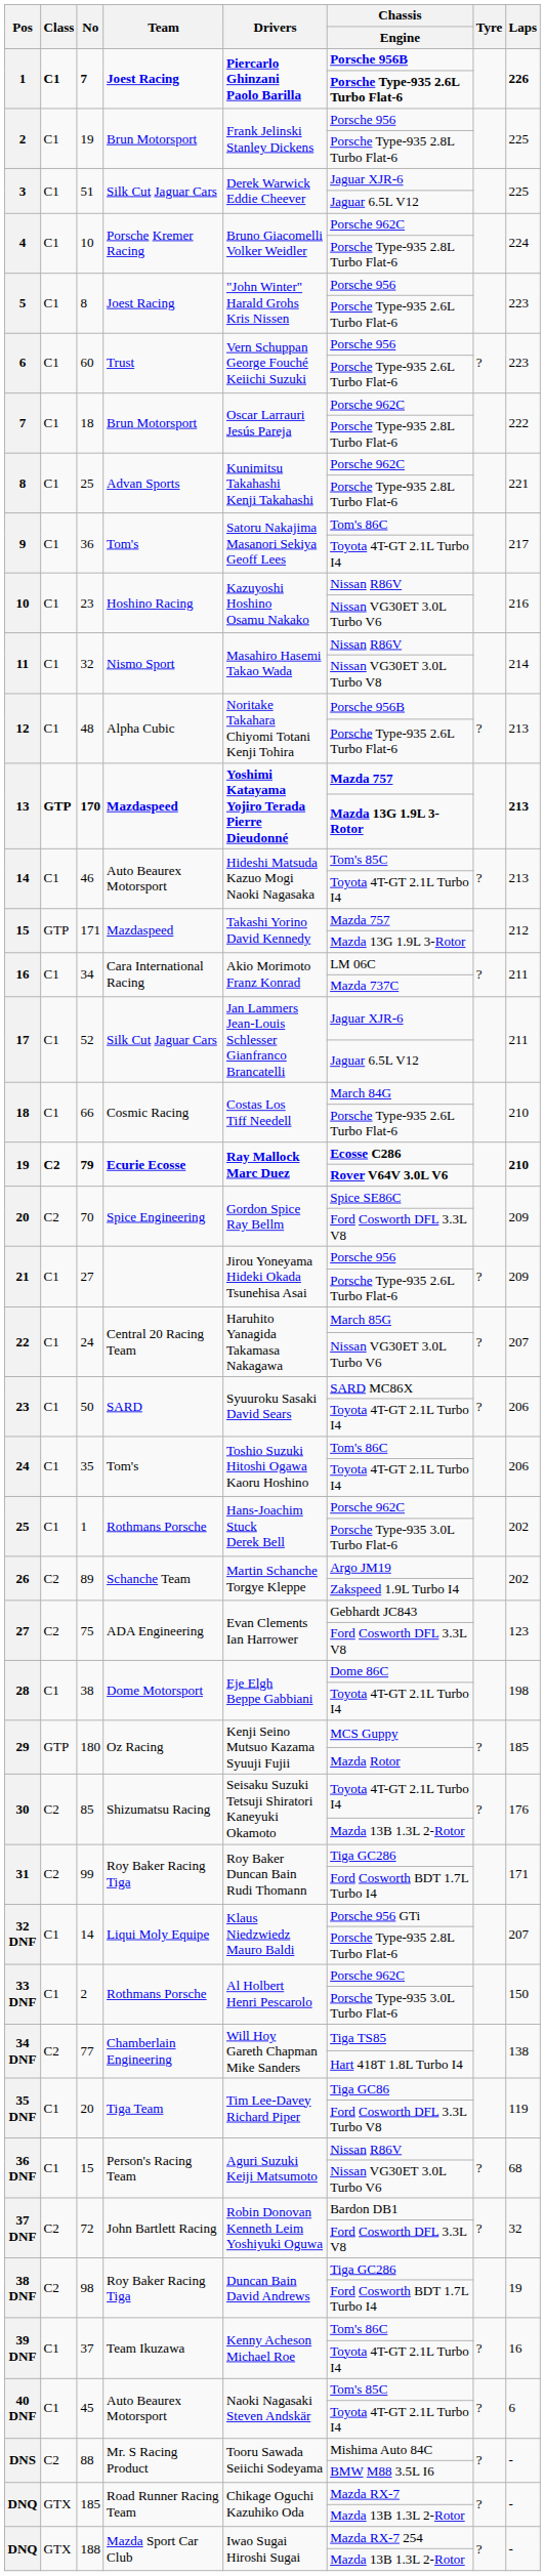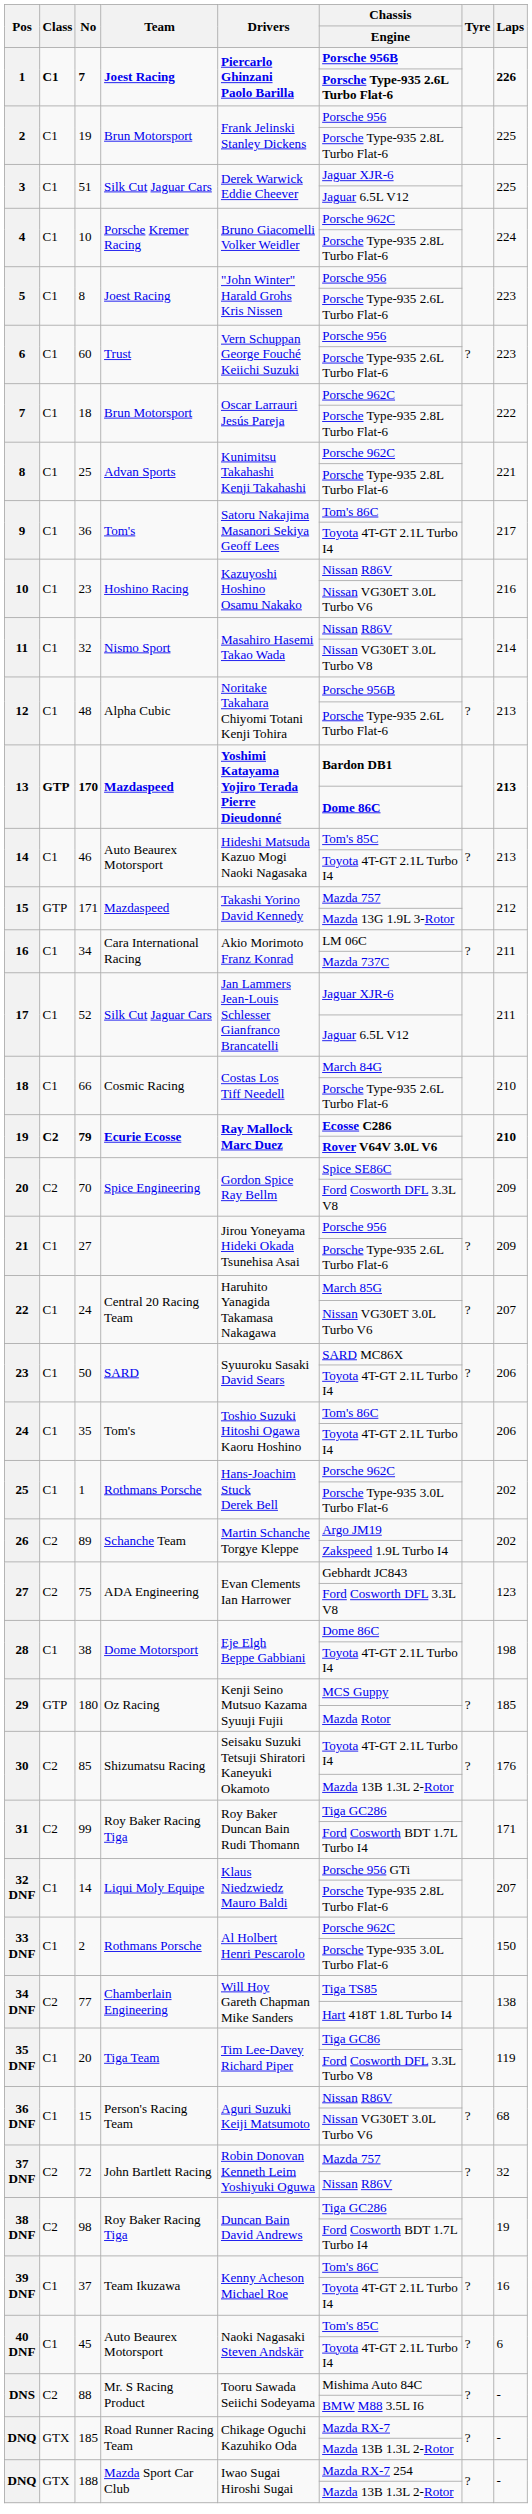 <table class="wikitable" style="font-size: 95%;">
 <tr>
 <th rowspan=2>Pos</th>
 <th rowspan=2>Class</th>
 <th rowspan=2>No</th>
 <th rowspan=2>Team</th>
 <th rowspan=2>Drivers</th>
 <th>Chassis</th>
 <th rowspan=2>Tyre</th>
 <th rowspan=2>Laps</th>
 </tr>
 <tr>
 <th>Engine</th>
 </tr>
 <tr style="font-weight:bold">
 <th rowspan=2>1</th>
 <td rowspan=2>C1</td>
 <td rowspan=2>7</td>
 <td rowspan=2> <a href='#'>Joest Racing</a></td>
 <td rowspan=2> <a href='#'>Piercarlo Ghinzani</a><br> <a href='#'>Paolo Barilla</a></td>
 <td><a href='#'>Porsche 956B</a></td>
 <td rowspan=2></td>
 <td rowspan=2>226</td>
 </tr>
 <tr style="font-weight:bold">
 <td><a href='#'>Porsche</a> Type-935 2.6L Turbo Flat-6</td>
 </tr>
 <tr>
 <th rowspan=2>2</th>
 <td rowspan=2>C1</td>
 <td rowspan=2>19</td>
 <td rowspan=2> <a href='#'>Brun Motorsport</a></td>
 <td rowspan=2> <a href='#'>Frank Jelinski</a><br> <a href='#'>Stanley Dickens</a></td>
 <td><a href='#'>Porsche 956</a></td>
 <td rowspan=2></td>
 <td rowspan=2>225</td>
 </tr>
 <tr>
 <td><a href='#'>Porsche</a> Type-935 2.8L Turbo Flat-6</td>
 </tr>
 <tr>
 <th rowspan=2>3</th>
 <td rowspan=2>C1</td>
 <td rowspan=2>51</td>
 <td rowspan=2> <a href='#'>Silk Cut</a> <a href='#'>Jaguar Cars</a></td>
 <td rowspan=2> <a href='#'>Derek Warwick</a><br> <a href='#'>Eddie Cheever</a></td>
 <td><a href='#'>Jaguar XJR-6</a></td>
 <td rowspan=2></td>
 <td rowspan=2>225</td>
 </tr>
 <tr>
 <td><a href='#'>Jaguar</a> 6.5L V12</td>
 </tr>
 <tr>
 <th rowspan=2>4</th>
 <td rowspan=2>C1</td>
 <td rowspan=2>10</td>
 <td rowspan=2> <a href='#'>Porsche</a> <a href='#'>Kremer Racing</a></td>
 <td rowspan=2> <a href='#'>Bruno Giacomelli</a><br> <a href='#'>Volker Weidler</a></td>
 <td><a href='#'>Porsche 962C</a></td>
 <td rowspan=2></td>
 <td rowspan=2>224</td>
 </tr>
 <tr>
 <td><a href='#'>Porsche</a> Type-935 2.8L Turbo Flat-6</td>
 </tr>
 <tr>
 <th rowspan=2>5</th>
 <td rowspan=2>C1</td>
 <td rowspan=2>8</td>
 <td rowspan=2> <a href='#'>Joest Racing</a></td>
 <td rowspan=2> <a href='#'>"John Winter"</a><br> <a href='#'>Harald Grohs</a><br> <a href='#'>Kris Nissen</a></td>
 <td><a href='#'>Porsche 956</a></td>
 <td rowspan=2></td>
 <td rowspan=2>223</td>
 </tr>
 <tr>
 <td><a href='#'>Porsche</a> Type-935 2.6L Turbo Flat-6</td>
 </tr>
 <tr>
 <th rowspan=2>6</th>
 <td rowspan=2>C1</td>
 <td rowspan=2>60</td>
 <td rowspan=2> <a href='#'>Trust</a> </td>
 <td rowspan=2> <a href='#'>Vern Schuppan</a><br> <a href='#'>George Fouché</a><br> <a href='#'>Keiichi Suzuki</a></td>
 <td><a href='#'>Porsche 956</a></td>
 <td rowspan=2>?</td>
 <td rowspan=2>223</td>
 </tr>
 <tr>
 <td><a href='#'>Porsche</a> Type-935 2.6L Turbo Flat-6</td>
 </tr>
 <tr>
 <th rowspan=2>7</th>
 <td rowspan=2>C1</td>
 <td rowspan=2>18</td>
 <td rowspan=2> <a href='#'>Brun Motorsport</a></td>
 <td rowspan=2> <a href='#'>Oscar Larrauri</a><br> <a href='#'>Jesús Pareja</a></td>
 <td><a href='#'>Porsche 962C</a></td>
 <td rowspan=2></td>
 <td rowspan=2>222</td>
 </tr>
 <tr>
 <td><a href='#'>Porsche</a> Type-935 2.8L Turbo Flat-6</td>
 </tr>
 <tr>
 <th rowspan=2>8</th>
 <td rowspan=2>C1</td>
 <td rowspan=2>25</td>
 <td rowspan=2> <a href='#'>Advan Sports</a> </td>
 <td rowspan=2> <a href='#'>Kunimitsu Takahashi</a><br> <a href='#'>Kenji Takahashi</a></td>
 <td><a href='#'>Porsche 962C</a></td>
 <td rowspan=2></td>
 <td rowspan=2>221</td>
 </tr>
 <tr>
 <td><a href='#'>Porsche</a> Type-935 2.8L Turbo Flat-6</td>
 </tr>
 <tr>
 <th rowspan=2>9</th>
 <td rowspan=2>C1</td>
 <td rowspan=2>36</td>
 <td rowspan=2> <a href='#'>Tom's</a></td>
 <td rowspan=2> <a href='#'>Satoru Nakajima</a><br> <a href='#'>Masanori Sekiya</a><br> <a href='#'>Geoff Lees</a></td>
 <td><a href='#'>Tom's 86C</a></td>
 <td rowspan=2></td>
 <td rowspan=2>217</td>
 </tr>
 <tr>
 <td><a href='#'>Toyota</a> 4T-GT 2.1L Turbo I4</td>
 </tr>
 <tr>
 <th rowspan=2>10</th>
 <td rowspan=2>C1</td>
 <td rowspan=2>23</td>
 <td rowspan=2> <a href='#'>Hoshino Racing</a></td>
 <td rowspan=2> <a href='#'>Kazuyoshi Hoshino</a><br> <a href='#'>Osamu Nakako</a></td>
 <td><a href='#'>Nissan</a> <a href='#'>R86V</a></td>
 <td rowspan=2></td>
 <td rowspan=2>216</td>
 </tr>
 <tr>
 <td><a href='#'>Nissan</a> VG30ET 3.0L Turbo V6</td>
 </tr>
 <tr>
 <th rowspan=2>11</th>
 <td rowspan=2>C1</td>
 <td rowspan=2>32</td>
 <td rowspan=2> <a href='#'>Nismo Sport</a></td>
 <td rowspan=2> <a href='#'>Masahiro Hasemi</a><br> <a href='#'>Takao Wada</a></td>
 <td><a href='#'>Nissan</a> <a href='#'>R86V</a></td>
 <td rowspan=2></td>
 <td rowspan=2>214</td>
 </tr>
 <tr>
 <td><a href='#'>Nissan</a> VG30ET 3.0L Turbo V8</td>
 </tr>
 <tr>
 <th rowspan=2>12</th>
 <td rowspan=2>C1</td>
 <td rowspan=2>48</td>
 <td rowspan=2> Alpha Cubic </td>
 <td rowspan=2> <a href='#'>Noritake Takahara</a><br> Chiyomi Totani<br> Kenji Tohira</td>
 <td><a href='#'>Porsche 956B</a></td>
 <td rowspan=2>?</td>
 <td rowspan=2>213</td>
 </tr>
 <tr>
 <td><a href='#'>Porsche</a> Type-935 2.6L Turbo Flat-6</td>
 </tr>
 <tr style="font-weight:bold">
 <th rowspan=2>13</th>
 <td rowspan=2>GTP</td>
 <td rowspan=2>170</td>
 <td rowspan=2> <a href='#'>Mazdaspeed</a></td>
 <td rowspan=2> <a href='#'>Yoshimi Katayama</a><br> <a href='#'>Yojiro Terada</a><br> <a href='#'>Pierre Dieudonné</a></td>
-<td><a href='#'>Mazda 757</a></td>
+<td>Bardon DB1</td>
 <td rowspan=2></td>
 <td rowspan=2>213</td>
 </tr>
 <tr style="font-weight:bold">
-<td><a href='#'>Mazda</a> 13G 1.9L 3-<a href='#'>Rotor</a></td>
+<td><a href='#'>Dome 86C</a></td>
 </tr>
 <tr>
 <th rowspan=2>14</th>
 <td rowspan=2>C1</td>
 <td rowspan=2>46</td>
 <td rowspan=2> Auto Beaurex Motorsport</td>
 <td rowspan=2> <a href='#'>Hideshi Matsuda</a><br> Kazuo Mogi<br> Naoki Nagasaka</td>
 <td><a href='#'>Tom's 85C</a></td>
 <td rowspan=2>?</td>
 <td rowspan=2>213</td>
 </tr>
 <tr>
 <td><a href='#'>Toyota</a> 4T-GT 2.1L Turbo I4</td>
 </tr>
 <tr>
 <th rowspan=2>15</th>
 <td rowspan=2>GTP</td>
 <td rowspan=2>171</td>
 <td rowspan=2> <a href='#'>Mazdaspeed</a></td>
 <td rowspan=2> <a href='#'>Takashi Yorino</a><br> <a href='#'>David Kennedy</a></td>
 <td><a href='#'>Mazda 757</a></td>
 <td rowspan=2></td>
 <td rowspan=2>212</td>
 </tr>
 <tr>
 <td><a href='#'>Mazda</a> 13G 1.9L 3-<a href='#'>Rotor</a></td>
 </tr>
 <tr>
 <th rowspan=2>16</th>
 <td rowspan=2>C1</td>
 <td rowspan=2>34</td>
 <td rowspan=2> Cara International Racing</td>
 <td rowspan=2> Akio Morimoto<br> <a href='#'>Franz Konrad</a></td>
 <td>LM 06C</td>
 <td rowspan=2>?</td>
 <td rowspan=2>211</td>
 </tr>
 <tr>
 <td><a href='#'>Mazda 737C</a></td>
 </tr>
 <tr>
 <th rowspan=2>17</th>
 <td rowspan=2>C1</td>
 <td rowspan=2>52</td>
 <td rowspan=2> <a href='#'>Silk Cut</a> <a href='#'>Jaguar Cars</a></td>
 <td rowspan=2> <a href='#'>Jan Lammers</a><br> <a href='#'>Jean-Louis Schlesser</a><br> <a href='#'>Gianfranco Brancatelli</a></td>
 <td><a href='#'>Jaguar XJR-6</a></td>
 <td rowspan=2></td>
 <td rowspan=2>211</td>
 </tr>
 <tr>
 <td><a href='#'>Jaguar</a> 6.5L V12</td>
 </tr>
 <tr>
 <th rowspan=2>18</th>
 <td rowspan=2>C1</td>
 <td rowspan=2>66</td>
 <td rowspan=2> Cosmic Racing</td>
 <td rowspan=2> <a href='#'>Costas Los</a><br> <a href='#'>Tiff Needell</a></td>
 <td><a href='#'>March 84G</a></td>
 <td rowspan=2></td>
 <td rowspan=2>210</td>
 </tr>
 <tr>
 <td><a href='#'>Porsche</a> Type-935 2.6L Turbo Flat-6</td>
 </tr>
 <tr style="font-weight:bold">
 <th rowspan=2>19</th>
 <td rowspan=2>C2</td>
 <td rowspan=2>79</td>
 <td rowspan=2> <a href='#'>Ecurie Ecosse</a></td>
 <td rowspan=2> <a href='#'>Ray Mallock</a><br> <a href='#'>Marc Duez</a></td>
 <td><a href='#'>Ecosse</a> C286</td>
 <td rowspan=2></td>
 <td rowspan=2>210</td>
 </tr>
 <tr style="font-weight:bold">
 <td><a href='#'>Rover</a> V64V 3.0L V6</td>
 </tr>
 <tr>
 <th rowspan=2>20</th>
 <td rowspan=2>C2</td>
 <td rowspan=2>70</td>
 <td rowspan=2> <a href='#'>Spice Engineering</a></td>
 <td rowspan=2> <a href='#'>Gordon Spice</a><br> <a href='#'>Ray Bellm</a></td>
 <td><a href='#'>Spice SE86C</a></td>
 <td rowspan=2></td>
 <td rowspan=2>209</td>
 </tr>
 <tr>
 <td><a href='#'>Ford</a> <a href='#'>Cosworth DFL</a> 3.3L V8</td>
 </tr>
 <tr>
 <th rowspan=2>21</th>
 <td rowspan=2>C1</td>
 <td rowspan=2>27</td>
 <td rowspan=2>  </td>
 <td rowspan=2> Jirou Yoneyama<br> <a href='#'>Hideki Okada</a><br> Tsunehisa Asai</td>
 <td><a href='#'>Porsche 956</a></td>
 <td rowspan=2>?</td>
 <td rowspan=2>209</td>
 </tr>
 <tr>
 <td><a href='#'>Porsche</a> Type-935 2.6L Turbo Flat-6</td>
 </tr>
 <tr>
 <th rowspan=2>22</th>
 <td rowspan=2>C1</td>
 <td rowspan=2>24</td>
 <td rowspan=2> Central 20 Racing Team</td>
 <td rowspan=2> Haruhito Yanagida<br> Takamasa Nakagawa</td>
 <td><a href='#'>March 85G</a></td>
 <td rowspan=2>?</td>
 <td rowspan=2>207</td>
 </tr>
 <tr>
 <td><a href='#'>Nissan</a> VG30ET 3.0L Turbo V6</td>
 </tr>
 <tr>
 <th rowspan=2>23</th>
 <td rowspan=2>C1</td>
 <td rowspan=2>50</td>
 <td rowspan=2> <a href='#'>SARD</a></td>
 <td rowspan=2> Syuuroku Sasaki<br> <a href='#'>David Sears</a></td>
 <td><a href='#'>SARD</a> MC86X</td>
 <td rowspan=2>?</td>
 <td rowspan=2>206</td>
 </tr>
 <tr>
 <td><a href='#'>Toyota</a> 4T-GT 2.1L Turbo I4</td>
 </tr>
 <tr>
 <th rowspan=2>24</th>
 <td rowspan=2>C1</td>
 <td rowspan=2>35</td>
 <td rowspan=2> Tom's</td>
 <td rowspan=2> <a href='#'>Toshio Suzuki</a><br> <a href='#'>Hitoshi Ogawa</a><br> Kaoru Hoshino</td>
 <td><a href='#'>Tom's 86C</a></td>
 <td rowspan=2></td>
 <td rowspan=2>206</td>
 </tr>
 <tr>
 <td><a href='#'>Toyota</a> 4T-GT 2.1L Turbo I4</td>
 </tr>
 <tr>
 <th rowspan=2>25</th>
 <td rowspan=2>C1</td>
 <td rowspan=2>1</td>
 <td rowspan=2> <a href='#'>Rothmans Porsche</a></td>
 <td rowspan=2> <a href='#'>Hans-Joachim Stuck</a><br> <a href='#'>Derek Bell</a></td>
 <td><a href='#'>Porsche 962C</a></td>
 <td rowspan=2></td>
 <td rowspan=2>202</td>
 </tr>
 <tr>
 <td><a href='#'>Porsche</a> Type-935 3.0L Turbo Flat-6</td>
 </tr>
 <tr>
 <th rowspan=2>26</th>
 <td rowspan=2>C2</td>
 <td rowspan=2>89</td>
 <td rowspan=2> <a href='#'>Schanche</a> Team</td>
 <td rowspan=2> <a href='#'>Martin Schanche</a><br> Torgye Kleppe</td>
 <td><a href='#'>Argo JM19</a></td>
 <td rowspan=2></td>
 <td rowspan=2>202</td>
 </tr>
 <tr>
 <td><a href='#'>Zakspeed</a> 1.9L Turbo I4</td>
 </tr>
 <tr>
 <th rowspan=2>27</th>
 <td rowspan=2>C2</td>
 <td rowspan=2>75</td>
 <td rowspan=2> ADA Engineering</td>
 <td rowspan=2> Evan Clements<br> Ian Harrower</td>
 <td>Gebhardt JC843</td>
 <td rowspan=2></td>
 <td rowspan=2>123</td>
 </tr>
 <tr>
 <td><a href='#'>Ford</a> <a href='#'>Cosworth DFL</a> 3.3L V8</td>
 </tr>
 <tr>
 <th rowspan=2>28</th>
 <td rowspan=2>C1</td>
 <td rowspan=2>38</td>
 <td rowspan=2> <a href='#'>Dome Motorsport</a></td>
 <td rowspan=2> <a href='#'>Eje Elgh</a><br> <a href='#'>Beppe Gabbiani</a></td>
 <td><a href='#'>Dome 86C</a></td>
 <td rowspan=2></td>
 <td rowspan=2>198</td>
 </tr>
 <tr>
 <td><a href='#'>Toyota</a> 4T-GT 2.1L Turbo I4</td>
 </tr>
 <tr>
 <th rowspan=2>29</th>
 <td rowspan=2>GTP</td>
 <td rowspan=2>180</td>
 <td rowspan=2> Oz Racing</td>
 <td rowspan=2> Kenji Seino<br> Mutsuo Kazama<br> Syuuji Fujii</td>
 <td><a href='#'>MCS Guppy</a></td>
 <td rowspan=2>?</td>
 <td rowspan=2>185</td>
 </tr>
 <tr>
 <td><a href='#'>Mazda</a> <a href='#'>Rotor</a></td>
 </tr>
 <tr>
 <th rowspan=2>30</th>
 <td rowspan=2>C2</td>
 <td rowspan=2>85</td>
 <td rowspan=2> Shizumatsu Racing</td>
 <td rowspan=2> Seisaku Suzuki<br> Tetsuji Shiratori<br> Kaneyuki Okamoto</td>
 <td><a href='#'>Toyota</a> 4T-GT 2.1L Turbo I4</td>
 <td rowspan=2>?</td>
 <td rowspan=2>176</td>
 </tr>
 <tr>
 <td><a href='#'>Mazda</a> 13B 1.3L 2-<a href='#'>Rotor</a></td>
 </tr>
 <tr>
 <th rowspan=2>31</th>
 <td rowspan=2>C2</td>
 <td rowspan=2>99</td>
 <td rowspan=2> Roy Baker Racing <a href='#'>Tiga</a></td>
 <td rowspan=2> Roy Baker<br> Duncan Bain<br> Rudi Thomann</td>
 <td><a href='#'>Tiga GC286</a></td>
 <td rowspan=2></td>
 <td rowspan=2>171</td>
 </tr>
 <tr>
 <td><a href='#'>Ford</a> <a href='#'>Cosworth</a> BDT 1.7L Turbo I4</td>
 </tr>
 <tr>
 <th rowspan=2>32<br>DNF</th>
 <td rowspan=2>C1</td>
 <td rowspan=2>14</td>
 <td rowspan=2> <a href='#'>Liqui Moly Equipe</a></td>
 <td rowspan=2> <a href='#'>Klaus Niedzwiedz</a><br> <a href='#'>Mauro Baldi</a></td>
 <td><a href='#'>Porsche 956</a> GTi</td>
 <td rowspan=2></td>
 <td rowspan=2>207</td>
 </tr>
 <tr>
 <td><a href='#'>Porsche</a> Type-935 2.8L Turbo Flat-6</td>
 </tr>
 <tr>
 <th rowspan=2>33<br>DNF</th>
 <td rowspan=2>C1</td>
 <td rowspan=2>2</td>
 <td rowspan=2> <a href='#'>Rothmans Porsche</a></td>
 <td rowspan=2> <a href='#'>Al Holbert</a><br> <a href='#'>Henri Pescarolo</a></td>
 <td><a href='#'>Porsche 962C</a></td>
 <td rowspan=2></td>
 <td rowspan=2>150</td>
 </tr>
 <tr>
 <td><a href='#'>Porsche</a> Type-935 3.0L Turbo Flat-6</td>
 </tr>
 <tr>
 <th rowspan=2>34<br>DNF</th>
 <td rowspan=2>C2</td>
 <td rowspan=2>77</td>
 <td rowspan=2> <a href='#'>Chamberlain Engineering</a></td>
 <td rowspan=2> <a href='#'>Will Hoy</a><br> Gareth Chapman<br> Mike Sanders</td>
 <td><a href='#'>Tiga TS85</a></td>
 <td rowspan=2></td>
 <td rowspan=2>138</td>
 </tr>
 <tr>
 <td><a href='#'>Hart</a> 418T 1.8L Turbo I4</td>
 </tr>
 <tr>
 <th rowspan=2>35<br>DNF</th>
 <td rowspan=2>C1</td>
 <td rowspan=2>20</td>
 <td rowspan=2> <a href='#'>Tiga Team</a></td>
 <td rowspan=2> <a href='#'>Tim Lee-Davey</a><br> <a href='#'>Richard Piper</a></td>
 <td><a href='#'>Tiga GC86</a></td>
 <td rowspan=2></td>
 <td rowspan=2>119</td>
 </tr>
 <tr>
 <td><a href='#'>Ford</a> <a href='#'>Cosworth DFL</a> 3.3L Turbo V8</td>
 </tr>
 <tr>
 <th rowspan=2>36<br>DNF</th>
 <td rowspan=2>C1</td>
 <td rowspan=2>15</td>
 <td rowspan=2> Person's Racing Team</td>
 <td rowspan=2> <a href='#'>Aguri Suzuki</a><br> <a href='#'>Keiji Matsumoto</a></td>
 <td><a href='#'>Nissan</a> <a href='#'>R86V</a></td>
 <td rowspan=2>?</td>
 <td rowspan=2>68</td>
 </tr>
 <tr>
 <td><a href='#'>Nissan</a> VG30ET 3.0L Turbo V6</td>
 </tr>
 <tr>
 <th rowspan=2>37<br>DNF</th>
 <td rowspan=2>C2</td>
 <td rowspan=2>72</td>
 <td rowspan=2> John Bartlett Racing</td>
 <td rowspan=2> <a href='#'>Robin Donovan</a><br> <a href='#'>Kenneth Leim</a><br> <a href='#'>Yoshiyuki Oguwa</a></td>
-<td>Bardon DB1</td>
+<td><a href='#'>Mazda 757</a></td>
 <td rowspan=2>?</td>
 <td rowspan=2>32</td>
 </tr>
 <tr>
-<td><a href='#'>Ford</a> <a href='#'>Cosworth DFL</a> 3.3L V8</td>
+<td><a href='#'>Nissan</a> <a href='#'>R86V</a></td>
 </tr>
 <tr>
 <th rowspan=2>38<br>DNF</th>
 <td rowspan=2>C2</td>
 <td rowspan=2>98</td>
 <td rowspan=2> Roy Baker Racing <a href='#'>Tiga</a></td>
 <td rowspan=2> <a href='#'>Duncan Bain</a><br> <a href='#'>David Andrews</a></td>
 <td><a href='#'>Tiga GC286</a></td>
 <td rowspan=2></td>
 <td rowspan=2>19</td>
 </tr>
 <tr>
 <td><a href='#'>Ford</a> <a href='#'>Cosworth</a> BDT 1.7L Turbo I4</td>
 </tr>
 <tr>
 <th rowspan=2>39<br>DNF</th>
 <td rowspan=2>C1</td>
 <td rowspan=2>37</td>
 <td rowspan=2> Team Ikuzawa</td>
 <td rowspan=2> <a href='#'>Kenny Acheson</a><br> <a href='#'>Michael Roe</a></td>
 <td><a href='#'>Tom's 86C</a></td>
 <td rowspan=2>?</td>
 <td rowspan=2>16</td>
 </tr>
 <tr>
 <td><a href='#'>Toyota</a> 4T-GT 2.1L Turbo I4</td>
 </tr>
 <tr>
 <th rowspan=2>40<br>DNF</th>
 <td rowspan=2>C1</td>
 <td rowspan=2>45</td>
 <td rowspan=2> Auto Beaurex Motorsport</td>
 <td rowspan=2> Naoki Nagasaki<br> <a href='#'>Steven Andskär</a></td>
 <td><a href='#'>Tom's 85C</a></td>
 <td rowspan=2>?</td>
 <td rowspan=2>6</td>
 </tr>
 <tr>
 <td><a href='#'>Toyota</a> 4T-GT 2.1L Turbo I4</td>
 </tr>
 <tr>
 <th rowspan=2>DNS</th>
 <td rowspan=2>C2</td>
 <td rowspan=2>88</td>
 <td rowspan=2> Mr. S Racing Product</td>
 <td rowspan=2> Tooru Sawada<br> Seiichi Sodeyama</td>
 <td>Mishima Auto 84C</td>
 <td rowspan=2>?</td>
 <td rowspan=2>-</td>
 </tr>
 <tr>
 <td><a href='#'>BMW</a> <a href='#'>M88</a> 3.5L I6</td>
 </tr>
 <tr>
 <th rowspan=2>DNQ</th>
 <td rowspan=2>GTX</td>
 <td rowspan=2>185</td>
 <td rowspan=2> Road Runner Racing Team</td>
 <td rowspan=2> Chikage Oguchi<br> Kazuhiko Oda</td>
 <td><a href='#'>Mazda RX-7</a></td>
 <td rowspan=2>?</td>
 <td rowspan=2>-</td>
 </tr>
 <tr>
 <td><a href='#'>Mazda</a> 13B 1.3L 2-<a href='#'>Rotor</a></td>
 </tr>
 <tr>
 <th rowspan=2>DNQ</th>
 <td rowspan=2>GTX</td>
 <td rowspan=2>188</td>
 <td rowspan=2> <a href='#'>Mazda</a> Sport Car Club</td>
 <td rowspan=2> Iwao Sugai<br> Hiroshi Sugai</td>
 <td><a href='#'>Mazda RX-7</a> 254</td>
 <td rowspan=2>?</td>
 <td rowspan=2>-</td>
 </tr>
 <tr>
 <td><a href='#'>Mazda</a> 13B 1.3L 2-<a href='#'>Rotor</a></td>
 </tr>
 </table>
